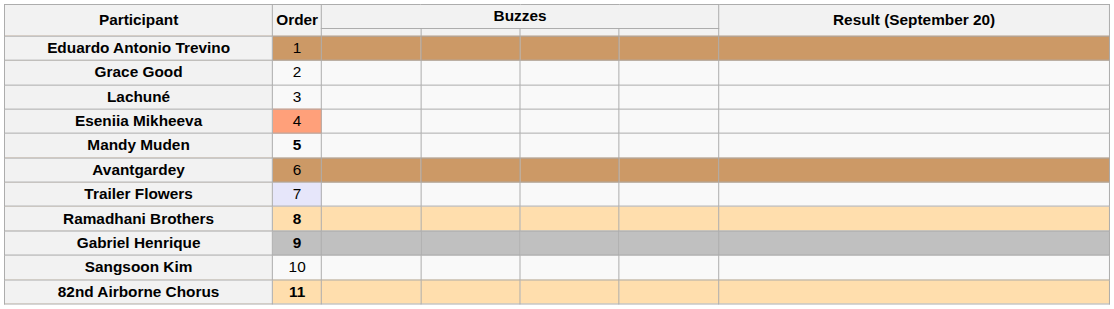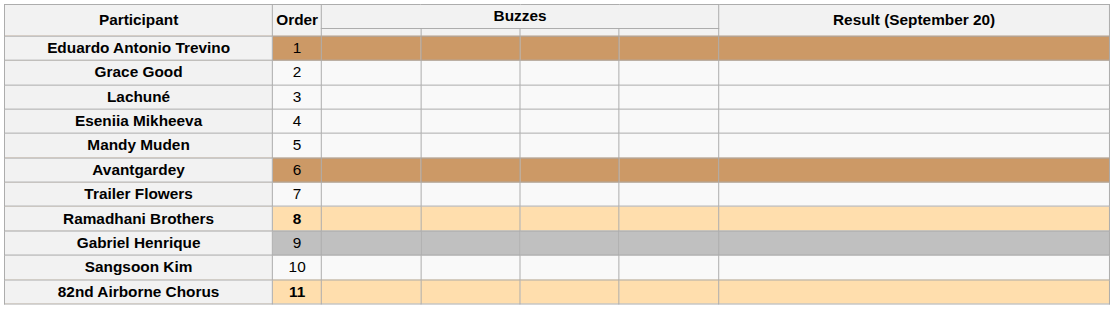 <table class="wikitable plainrowheaders sortable" style="text-align:center;">
 <tr>
 <th scope="col" rowspan="2" class="unsortable" style="width:17em;">Participant</th>
 <th scope="col" rowspan="2" style="width:1em;">Order</th>
 <th scope="col" colspan="4" class="unsortable" style="width:24em;">Buzzes</th>
 <th scope="col" rowspan="2" style="width:25em;">Result (September 20)</th>
 </tr>
 <tr>
 <th scope="col" class="unsortable" style="width:6em;"></th>
 <th scope="col" class="unsortable" style="width:6em;"></th>
 <th scope="col" class="unsortable" style="width:6em;"></th>
 <th scope="col" class="unsortable" style="width:6em;"></th>
 </tr>
 <tr bgcolor=#c96>
 <th scope="row">Eduardo Antonio Trevino</th>
 <td>1</td>
 <td style="text-align:center;"></td>
 <td style="text-align:center;"></td>
 <td style="text-align:center;"></td>
 <td style="text-align:center;"></td>
 <td></td>
 </tr>
 <tr>
 <th scope="row">Grace Good</th>
 <td>2</td>
 <td style="text-align:center;"></td>
 <td style="text-align:center;"></td>
 <td style="text-align:center;"></td>
 <td style="text-align:center;"></td>
 <td></td>
 </tr>
 <tr>
 <th scope="row">Lachuné</th>
 <td>3</td>
 <td style="text-align:center;"></td>
 <td style="text-align:center;"></td>
 <td style="text-align:center;"></td>
 <td style="text-align:center;"></td>
 <td></td>
 </tr>
 <tr>
 <th scope="row">Eseniia Mikheeva</th>
-<td style="background: lightsalmon;">4</td>
+<td>4</td>
 <td style="text-align:center;"></td>
 <td style="text-align:center;"></td>
 <td style="text-align:center;"></td>
 <td style="text-align:center;"></td>
 <td></td>
 </tr>
 <tr>
 <th scope="row">Mandy Muden</th>
-<td><strong>5</strong></td>
+<td>5</td>
 <td style="text-align:center;"></td>
 <td style="text-align:center;"></td>
 <td style="text-align:center;"></td>
 <td style="text-align:center;"></td>
 <td></td>
 </tr>
 <tr bgcolor=#c96>
 <th scope="row">Avantgardey </th>
 <td>6</td>
 <td style="text-align:center;"></td>
 <td style="text-align:center;"></td>
 <td style="text-align:center;"></td>
 <td style="text-align:center;"></td>
 <td></td>
 </tr>
 <tr>
 <th scope="row">Trailer Flowers</th>
-<td style="background: lavender;">7</td>
+<td>7</td>
 <td style="text-align:center;"></td>
 <td style="text-align:center;"></td>
 <td style="text-align:center;"> </td>
 <td style="text-align:center;"></td>
 <td></td>
 </tr>
 <tr bgcolor=navajowhite>
 <th scope="row"><strong>Ramadhani Brothers</strong></th>
 <td><strong>8</strong></td>
 <td style="text-align:center;"></td>
 <td style="text-align:center;"></td>
 <td style="text-align:center;"></td>
 <td style="text-align:center;"></td>
 <td><strong></strong></td>
 </tr>
 <tr bgcolor=silver>
 <th scope="row">Gabriel Henrique</th>
-<td><strong>9</strong></td>
+<td>9</td>
 <td style="text-align:center;"></td>
 <td style="text-align:center;"></td>
 <td style="text-align:center;"></td>
 <td style="text-align:center;"></td>
 <td></td>
 </tr>
 <tr>
 <th scope="row">Sangsoon Kim</th>
 <td>10</td>
 <td style="text-align:center;"></td>
 <td style="text-align:center;"></td>
 <td style="text-align:center;"></td>
 <td style="text-align:center;"></td>
 <td></td>
 </tr>
 <tr bgcolor=navajowhite>
 <th scope="row"><strong>82nd Airborne Chorus</strong></th>
 <td><strong>11</strong></td>
 <td style="text-align:center;"></td>
 <td style="text-align:center;"></td>
 <td style="text-align:center;"></td>
 <td style="text-align:center;"></td>
 <td><strong></strong></td>
 </tr>
 </table>
